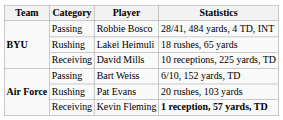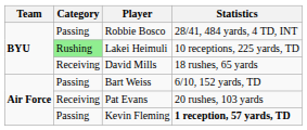 <table class="wikitable" style="float: left;">
 <tr>
 <th>Team</th>
 <th>Category</th>
 <th>Player</th>
 <th>Statistics</th>
 </tr>
 <tr>
 <td rowspan=3><strong>BYU</strong></td>
 <td>Passing</td>
 <td>Robbie Bosco</td>
 <td>28/41, 484 yards, 4 TD, INT</td>
 </tr>
 <tr>
-<td>Rushing</td>
+<td style="background: lightgreen;">Rushing</td>
 <td>Lakei Heimuli</td>
-<td>18 rushes, 65 yards</td>
+<td>10 receptions, 225 yards, TD</td>
 </tr>
 <tr>
 <td>Receiving</td>
 <td>David Mills</td>
-<td>10 receptions, 225 yards, TD</td>
+<td>18 rushes, 65 yards</td>
 </tr>
 <tr>
 <td rowspan=3><strong>Air Force</strong></td>
 <td>Passing</td>
 <td>Bart Weiss</td>
 <td>6/10, 152 yards, TD</td>
 </tr>
 <tr>
-<td>Rushing</td>
+<td>Receiving</td>
 <td>Pat Evans</td>
 <td>20 rushes, 103 yards</td>
 </tr>
 <tr>
-<td>Receiving</td>
+<td>Passing</td>
 <td>Kevin Fleming</td>
 <td><strong>1 reception, 57 yards, TD</strong></td>
 </tr>
 </table>
